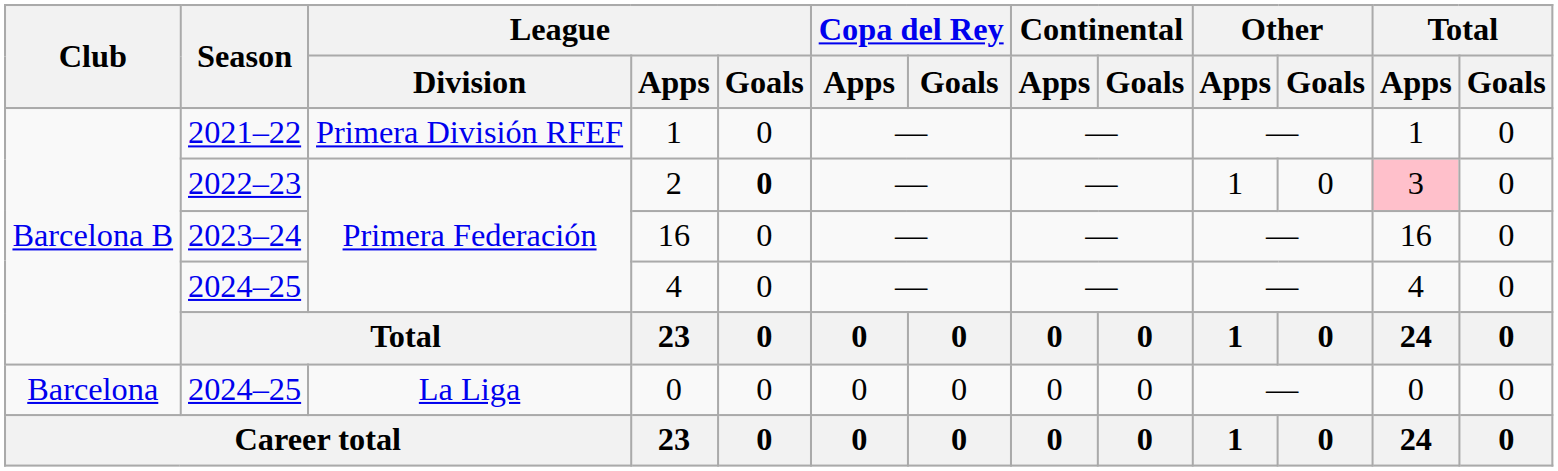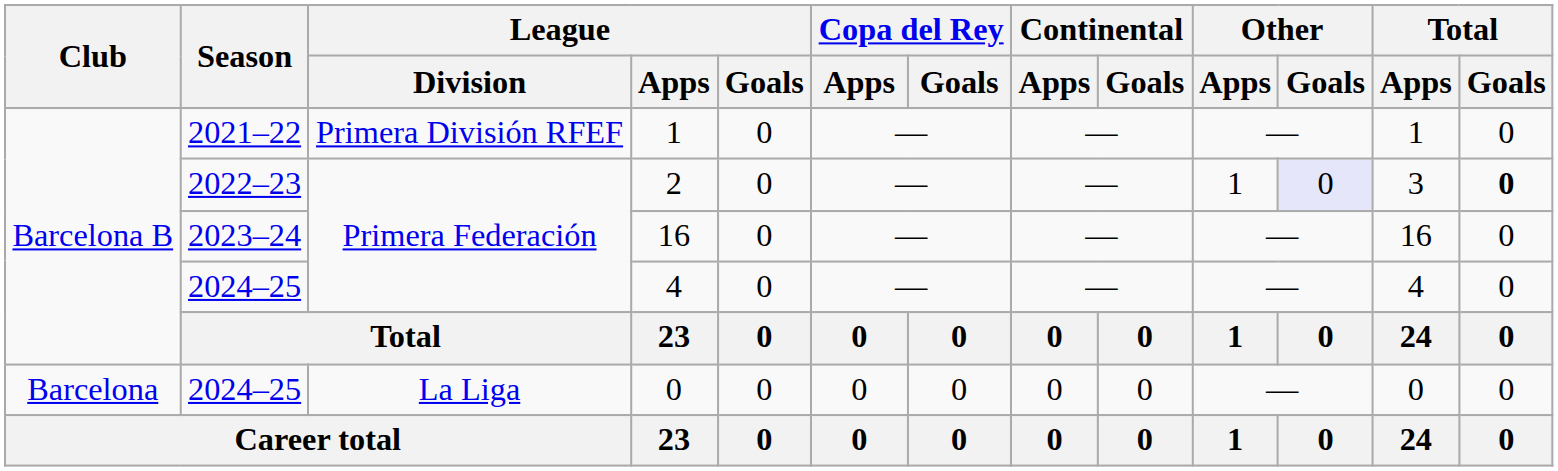 <table class="wikitable" style="text-align: center">
 <tr>
 <th rowspan="2">Club</th>
 <th rowspan="2">Season</th>
 <th colspan="3">League</th>
 <th colspan="2"><a href='#'>Copa del Rey</a></th>
 <th colspan="2">Continental</th>
 <th colspan="2">Other</th>
 <th colspan="2">Total</th>
 </tr>
 <tr>
 <th>Division</th>
 <th>Apps</th>
 <th>Goals</th>
 <th>Apps</th>
 <th>Goals</th>
 <th>Apps</th>
 <th>Goals</th>
 <th>Apps</th>
 <th>Goals</th>
 <th>Apps</th>
 <th>Goals</th>
 </tr>
 <tr>
 <td rowspan="5"><a href='#'>Barcelona B</a></td>
 <td><a href='#'>2021–22</a></td>
 <td><a href='#'>Primera División RFEF</a></td>
 <td>1</td>
 <td>0</td>
 <td colspan="2">—</td>
 <td colspan="2">—</td>
 <td colspan="2">—</td>
 <td>1</td>
 <td>0</td>
 </tr>
 <tr>
 <td><a href='#'>2022–23</a></td>
 <td rowspan=3><a href='#'>Primera Federación</a></td>
 <td>2</td>
-<td><strong>0</strong></td>
+<td>0</td>
 <td colspan="2">—</td>
 <td colspan="2">—</td>
 <td>1</td>
-<td>0</td>
-<td style="background: pink;">3</td>
-<td>0</td>
+<td style="background: lavender;">0</td>
+<td>3</td>
+<td><strong>0</strong></td>
 </tr>
 <tr>
 <td><a href='#'>2023–24</a></td>
 <td>16</td>
 <td>0</td>
 <td colspan="2">—</td>
 <td colspan="2">—</td>
 <td colspan="2">—</td>
 <td>16</td>
 <td>0</td>
 </tr>
 <tr>
 <td><a href='#'>2024–25</a></td>
 <td>4</td>
 <td>0</td>
 <td colspan="2">—</td>
 <td colspan="2">—</td>
 <td colspan="2">—</td>
 <td>4</td>
 <td>0</td>
 </tr>
 <tr>
 <th colspan="2">Total</th>
 <th>23</th>
 <th>0</th>
 <th>0</th>
 <th>0</th>
 <th>0</th>
 <th>0</th>
 <th>1</th>
 <th>0</th>
 <th>24</th>
 <th>0</th>
 </tr>
 <tr>
 <td><a href='#'>Barcelona</a></td>
 <td><a href='#'>2024–25</a></td>
 <td><a href='#'>La Liga</a></td>
 <td>0</td>
 <td>0</td>
 <td>0</td>
 <td>0</td>
 <td>0</td>
 <td>0</td>
 <td colspan="2">—</td>
 <td>0</td>
 <td>0</td>
 </tr>
 <tr>
 <th colspan="3">Career total</th>
 <th>23</th>
 <th>0</th>
 <th>0</th>
 <th>0</th>
 <th>0</th>
 <th>0</th>
 <th>1</th>
 <th>0</th>
 <th>24</th>
 <th>0</th>
 </tr>
 </table>
